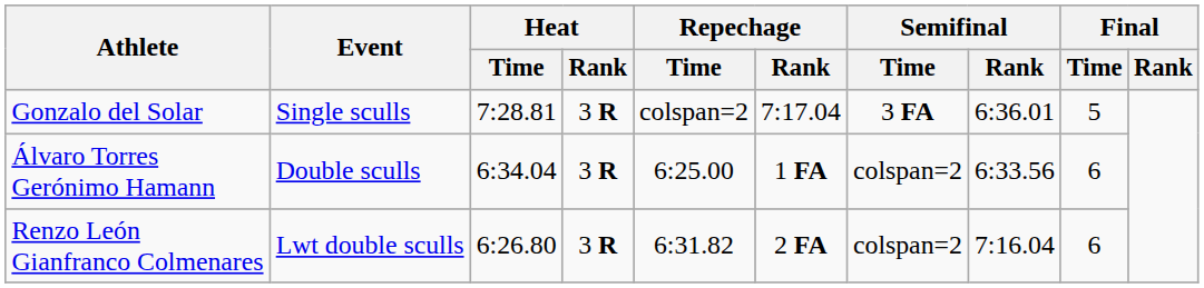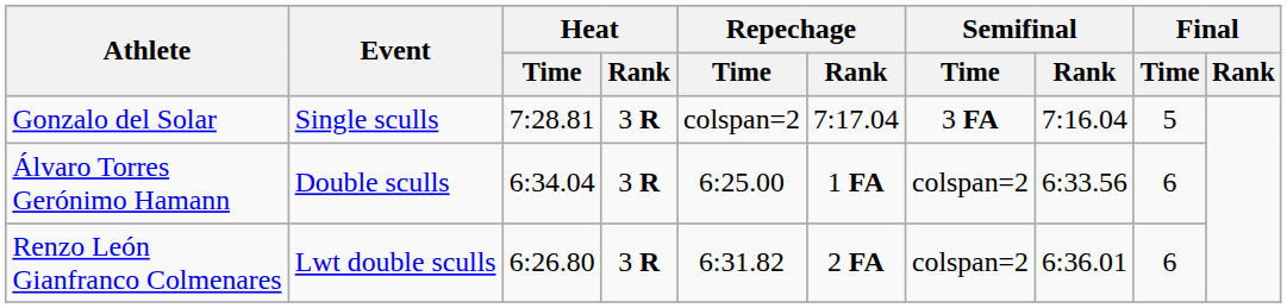 <table class="wikitable" style="font-size:90%;text-align:center">
 <tr>
 <th rowspan=2>Athlete</th>
 <th rowspan=2>Event</th>
 <th colspan=2>Heat</th>
 <th colspan=2>Repechage</th>
 <th colspan=2>Semifinal</th>
 <th colspan=2>Final</th>
 </tr>
 <tr style=font-size:95%>
 <th>Time</th>
 <th>Rank</th>
 <th>Time</th>
 <th>Rank</th>
 <th>Time</th>
 <th>Rank</th>
 <th>Time</th>
 <th>Rank</th>
 </tr>
 <tr>
 <td style="text-align:left"><a href='#'>Gonzalo del Solar</a></td>
 <td style="text-align:left"><a href='#'>Single sculls</a></td>
 <td>7:28.81</td>
 <td>3 <strong>R</strong></td>
 <td>colspan=2 </td>
 <td>7:17.04</td>
 <td>3 <strong>FA</strong></td>
-<td>6:36.01</td>
+<td>7:16.04</td>
 <td>5</td>
 </tr>
 <tr align=center>
 <td style="text-align:left"><a href='#'>Álvaro Torres</a><br><a href='#'>Gerónimo Hamann</a></td>
 <td style="text-align:left"><a href='#'>Double sculls</a></td>
 <td>6:34.04</td>
 <td>3 <strong>R</strong></td>
 <td>6:25.00</td>
 <td>1 <strong>FA</strong></td>
 <td>colspan=2 </td>
 <td>6:33.56</td>
 <td>6</td>
 </tr>
 <tr align=center>
 <td style="text-align:left"><a href='#'>Renzo León</a><br><a href='#'>Gianfranco Colmenares</a></td>
 <td style="text-align:left"><a href='#'>Lwt double sculls</a></td>
 <td>6:26.80</td>
 <td>3 <strong>R</strong></td>
 <td>6:31.82</td>
 <td>2 <strong>FA</strong></td>
 <td>colspan=2 </td>
-<td>7:16.04</td>
+<td>6:36.01</td>
 <td>6</td>
 </tr>
 </table>
